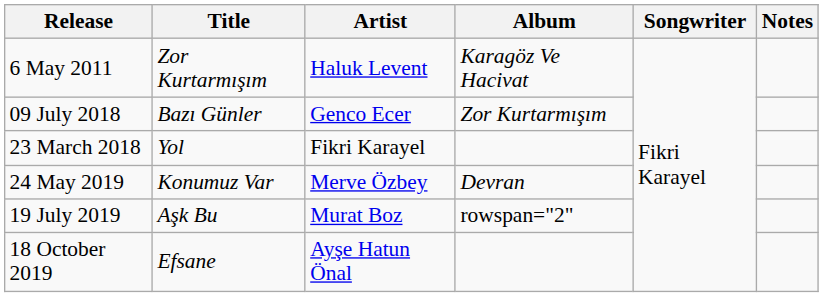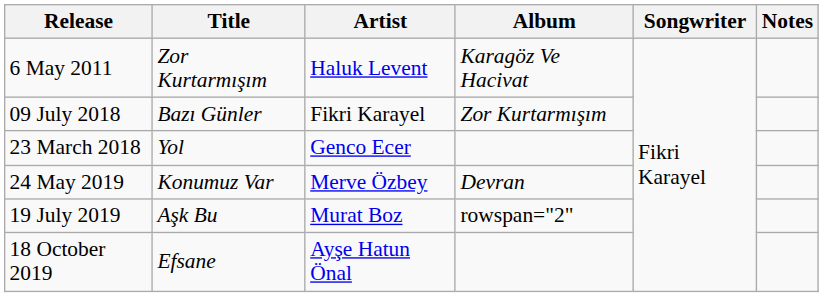 <table class="wikitable sortable">
 <tr>
 <th>Release</th>
 <th>Title</th>
 <th>Artist</th>
 <th>Album</th>
 <th>Songwriter</th>
 <th>Notes</th>
 </tr>
 <tr>
 <td>6 May 2011</td>
 <td><em>Zor Kurtarmışım</em></td>
 <td><a href='#'>Haluk Levent</a></td>
 <td><em>Karagöz Ve Hacivat</em></td>
 <td rowspan="6">Fikri Karayel</td>
 <td></td>
 </tr>
 <tr>
 <td>09 July 2018</td>
 <td><em>Bazı Günler</em></td>
-<td><a href='#'>Genco Ecer</a></td>
+<td>Fikri Karayel</td>
 <td><em>Zor Kurtarmışım</em></td>
 <td></td>
 </tr>
 <tr>
 <td>23 March 2018</td>
 <td><em>Yol</em></td>
-<td>Fikri Karayel</td>
+<td><a href='#'>Genco Ecer</a></td>
 <td></td>
 <td></td>
 </tr>
 <tr>
 <td>24 May 2019</td>
 <td><em>Konumuz Var</em></td>
 <td><a href='#'>Merve Özbey</a></td>
 <td><em>Devran</em></td>
 <td></td>
 </tr>
 <tr>
 <td>19 July 2019</td>
 <td><em>Aşk Bu</em></td>
 <td><a href='#'>Murat Boz</a></td>
 <td>rowspan="2" </td>
 <td></td>
 </tr>
 <tr>
 <td>18 October 2019</td>
 <td><em>Efsane</em></td>
 <td><a href='#'>Ayşe Hatun Önal</a></td>
 <td></td>
 </tr>
 </table>
